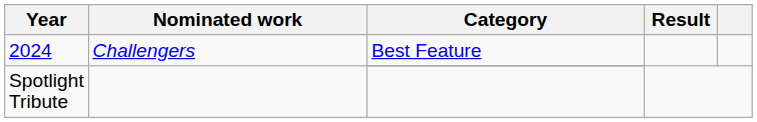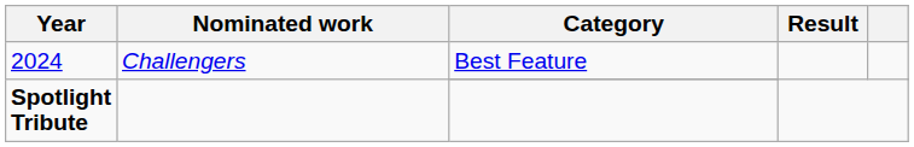 <table class="wikitable plainrowheaders" style="width:100%;">
 <tr>
 <th scope="col" style="width:5%;">Year</th>
 <th scope="col" style="width:40%;">Nominated work</th>
 <th scope="col" style="width:40%;">Category</th>
 <th scope="col" style="width:10%;">Result</th>
 <th scope="col" style="width:5%;"></th>
 </tr>
 <tr>
 <td rowspan="2"><a href='#'>2024</a></td>
 <td rowspan="2"><em><a href='#'>Challengers</a></em></td>
 <td><a href='#'>Best Feature</a></td>
 <td></td>
 <td style="text-align:center;"></td>
 </tr>
 <tr>
 </tr>
 <tr>
-<td>Spotlight Tribute</td>
+<td><strong>Spotlight Tribute</strong></td>
 <td></td>
 <td style="text-align:center;"></td>
 </tr>
 </table>
